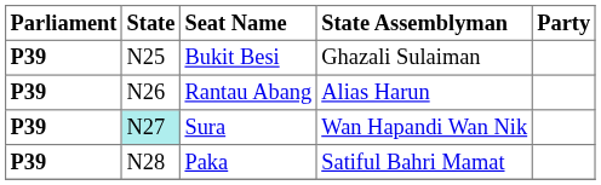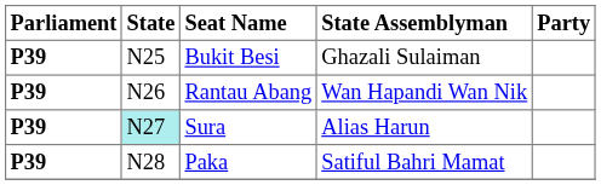 <table class="toccolours sortable" border="1" cellpadding="3" style="border-collapse:collapse; text-align: left;">
 <tr>
 <th align="center">Parliament</th>
 <th>State</th>
 <th>Seat Name</th>
 <th>State Assemblyman</th>
 <th>Party</th>
 </tr>
 <tr>
 <th align="left">P39</th>
 <td>N25</td>
 <td><a href='#'>Bukit Besi</a></td>
 <td>Ghazali Sulaiman</td>
 <td></td>
 </tr>
 <tr>
 <th align="left">P39</th>
 <td>N26</td>
 <td><a href='#'>Rantau Abang</a></td>
-<td><a href='#'>Alias Harun</a></td>
+<td><a href='#'>Wan Hapandi Wan Nik</a></td>
 <td></td>
 </tr>
 <tr>
 <th align="left">P39</th>
 <td style="background: paleturquoise;">N27</td>
 <td><a href='#'>Sura</a></td>
-<td><a href='#'>Wan Hapandi Wan Nik</a></td>
+<td><a href='#'>Alias Harun</a></td>
 <td></td>
 </tr>
 <tr>
 <th align="left">P39</th>
 <td>N28</td>
 <td><a href='#'>Paka</a></td>
 <td><a href='#'>Satiful Bahri Mamat</a></td>
 <td></td>
 </tr>
 <tr>
 </tr>
 </table>
